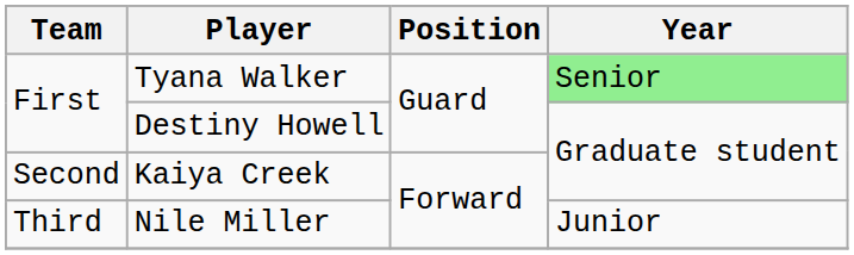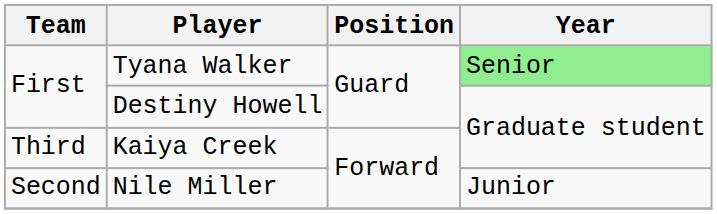 <table class="wikitable" border="1">
 <tr align=center>
 <th>Team</th>
 <th>Player</th>
 <th>Position</th>
 <th>Year</th>
 </tr>
 <tr>
 <td rowspan=2>First</td>
 <td>Tyana Walker</td>
 <td rowspan=2>Guard</td>
 <td style="background: lightgreen;">Senior</td>
 </tr>
 <tr>
 <td>Destiny Howell</td>
 <td rowspan=2>Graduate student</td>
 </tr>
 <tr>
-<td>Second</td>
+<td>Third</td>
 <td>Kaiya Creek</td>
 <td rowspan=2>Forward</td>
 </tr>
 <tr>
-<td>Third</td>
+<td>Second</td>
 <td>Nile Miller</td>
 <td>Junior</td>
 </tr>
 <tr>
 </tr>
 </table>
